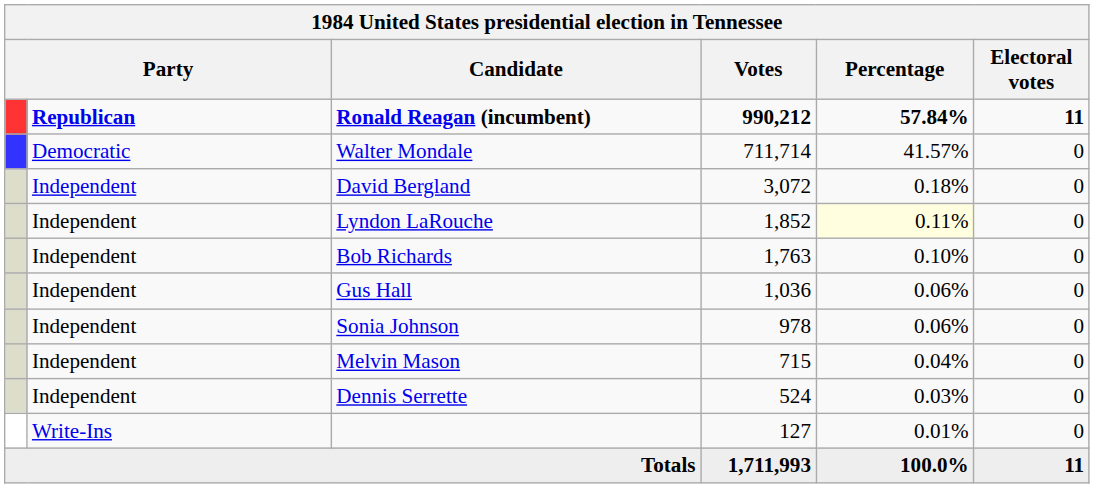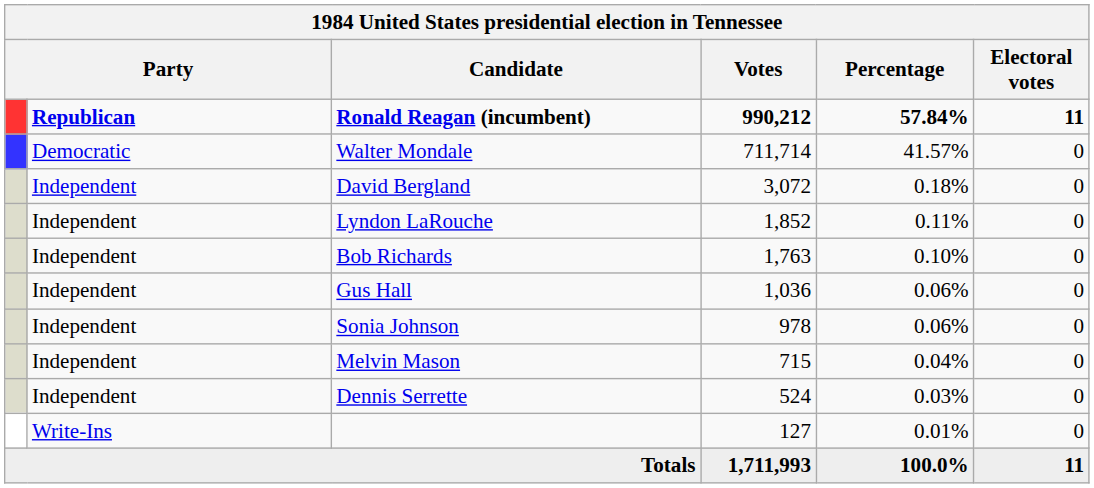 <table class="wikitable" style="font-size: 95%;">
 <tr>
 <th colspan="6">1984 United States presidential election in Tennessee</th>
 </tr>
 <tr>
 <th colspan="2" style="width: 15em">Party</th>
 <th style="width: 17em">Candidate</th>
 <th style="width: 5em">Votes</th>
 <th style="width: 7em">Percentage</th>
 <th style="width: 5em">Electoral votes</th>
 </tr>
 <tr>
 <th style="background:#f33; width:3px;"></th>
 <td style="width: 130px"><strong><a href='#'>Republican</a></strong></td>
 <td><strong><a href='#'>Ronald Reagan</a> (incumbent)</strong></td>
 <td style="text-align:right;"><strong>990,212</strong></td>
 <td style="text-align:right;"><strong>57.84%</strong></td>
 <td style="text-align:right;"><strong>11</strong></td>
 </tr>
 <tr>
 <th style="background:#33f; width:3px;"></th>
 <td style="width: 130px"><a href='#'>Democratic</a></td>
 <td><a href='#'>Walter Mondale</a></td>
 <td style="text-align:right;">711,714</td>
 <td style="text-align:right;">41.57%</td>
 <td style="text-align:right;">0</td>
 </tr>
 <tr>
 <th style="background:#DDDDCC; width:3px;"></th>
 <td style="width: 130px"><a href='#'>Independent</a></td>
 <td><a href='#'>David Bergland</a></td>
 <td style="text-align:right;">3,072</td>
 <td style="text-align:right;">0.18%</td>
 <td style="text-align:right;">0</td>
 </tr>
 <tr>
 <th style="background:#DDDDCC; width:3px;"></th>
 <td style="width: 130px">Independent</td>
 <td><a href='#'>Lyndon LaRouche</a></td>
 <td style="text-align:right;">1,852</td>
-<td style="background: lightyellow; text-align:right;">0.11%</td>
+<td style="text-align:right;">0.11%</td>
 <td style="text-align:right;">0</td>
 </tr>
 <tr>
 <th style="background:#DDDDCC; width:3px;"></th>
 <td style="width: 130px">Independent</td>
 <td><a href='#'>Bob Richards</a></td>
 <td style="text-align:right;">1,763</td>
 <td style="text-align:right;">0.10%</td>
 <td style="text-align:right;">0</td>
 </tr>
 <tr>
 <th style="background:#DDDDCC; width:3px;"></th>
 <td style="width: 130px">Independent</td>
 <td><a href='#'>Gus Hall</a></td>
 <td style="text-align:right;">1,036</td>
 <td style="text-align:right;">0.06%</td>
 <td style="text-align:right;">0</td>
 </tr>
 <tr>
 <th style="background:#DDDDCC; width:3px;"></th>
 <td style="width: 130px">Independent</td>
 <td><a href='#'>Sonia Johnson</a></td>
 <td style="text-align:right;">978</td>
 <td style="text-align:right;">0.06%</td>
 <td style="text-align:right;">0</td>
 </tr>
 <tr>
 <th style="background:#DDDDCC; width:3px;"></th>
 <td style="width: 130px">Independent</td>
 <td><a href='#'>Melvin Mason</a></td>
 <td style="text-align:right;">715</td>
 <td style="text-align:right;">0.04%</td>
 <td style="text-align:right;">0</td>
 </tr>
 <tr>
 <th style="background:#DDDDCC; width:3px;"></th>
 <td style="width: 130px">Independent</td>
 <td><a href='#'>Dennis Serrette</a></td>
 <td style="text-align:right;">524</td>
 <td style="text-align:right;">0.03%</td>
 <td style="text-align:right;">0</td>
 </tr>
 <tr>
 <th style="background:#FFFFFF; width:3px;"></th>
 <td style="width: 130px"><a href='#'>Write-Ins</a></td>
 <td></td>
 <td style="text-align:right;">127</td>
 <td style="text-align:right;">0.01%</td>
 <td style="text-align:right;">0</td>
 </tr>
 <tr style="background:#eee; text-align:right;">
 <td colspan="3"><strong>Totals</strong></td>
 <td><strong>1,711,993</strong></td>
 <td><strong>100.0%</strong></td>
 <td><strong>11</strong></td>
 </tr>
 </table>
